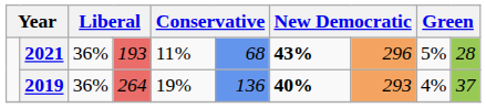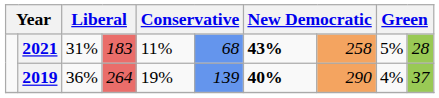 <table class="wikitable" style="float:right; width:400; font-size:90%; margin-left:1em;">
 <tr>
 <th colspan="2" scope="col">Year</th>
 <th colspan="2" scope="col"><a href='#'>Liberal</a></th>
 <th colspan="2" scope="col"><a href='#'>Conservative</a></th>
 <th colspan="2" scope="col"><a href='#'>New Democratic</a></th>
 <th colspan="2" scope="col"><a href='#'>Green</a></th>
 </tr>
 <tr>
 <td rowspan="2" style="width: 0.25em; background-color: "></td>
 <th><a href='#'>2021</a></th>
-<td>36%</td>
-<td style="text-align:right; background:#EA6D6A;"><em>193</em></td>
+<td>31%</td>
+<td style="text-align:right; background:#EA6D6A;"><em>183</em></td>
 <td>11%</td>
 <td style="text-align:right; background:#6495ED;"><em>68</em></td>
 <td><strong>43%</strong></td>
-<td style="text-align:right; background:#F4A460;"><em>296</em></td>
+<td style="text-align:right; background:#F4A460;"><em>258</em></td>
 <td>5%</td>
 <td style="text-align:right; background:#99C955;"><em>28</em></td>
 </tr>
 <tr>
 <th><a href='#'>2019</a></th>
 <td>36%</td>
 <td style="text-align:right; background:#EA6D6A;"><em>264</em></td>
 <td>19%</td>
-<td style="text-align:right; background:#6495ED;"><em>136</em></td>
+<td style="text-align:right; background:#6495ED;"><em>139</em></td>
 <td><strong>40%</strong></td>
-<td style="text-align:right; background:#F4A460;"><em>293</em></td>
+<td style="text-align:right; background:#F4A460;"><em>290</em></td>
 <td>4%</td>
 <td style="text-align:right; background:#99C955;"><em>37</em></td>
 </tr>
 <tr>
 </tr>
 </table>
